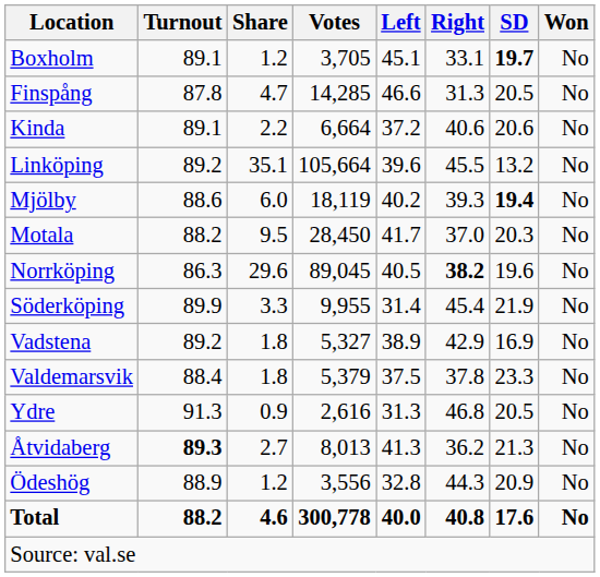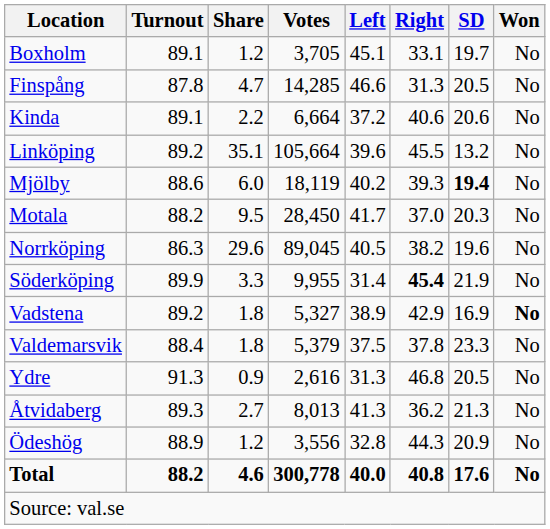 <table class="wikitable sortable" style=text-align:right>
 <tr>
 <th>Location</th>
 <th>Turnout</th>
 <th>Share</th>
 <th>Votes</th>
 <th><a href='#'>Left</a></th>
 <th><a href='#'>Right</a></th>
 <th><a href='#'>SD</a></th>
 <th>Won</th>
 </tr>
 <tr>
 <td align=left><a href='#'>Boxholm</a></td>
 <td>89.1</td>
 <td>1.2</td>
 <td>3,705</td>
 <td>45.1</td>
 <td>33.1</td>
-<td><strong>19.7</strong></td>
+<td>19.7</td>
 <td>No</td>
 </tr>
 <tr>
 <td align=left><a href='#'>Finspång</a></td>
 <td>87.8</td>
 <td>4.7</td>
 <td>14,285</td>
 <td>46.6</td>
 <td>31.3</td>
 <td>20.5</td>
 <td>No</td>
 </tr>
 <tr>
 <td align=left><a href='#'>Kinda</a></td>
 <td>89.1</td>
 <td>2.2</td>
 <td>6,664</td>
 <td>37.2</td>
 <td>40.6</td>
 <td>20.6</td>
 <td>No</td>
 </tr>
 <tr>
 <td align=left><a href='#'>Linköping</a></td>
 <td>89.2</td>
 <td>35.1</td>
 <td>105,664</td>
 <td>39.6</td>
 <td>45.5</td>
 <td>13.2</td>
 <td>No</td>
 </tr>
 <tr>
 <td align=left><a href='#'>Mjölby</a></td>
 <td>88.6</td>
 <td>6.0</td>
 <td>18,119</td>
 <td>40.2</td>
 <td>39.3</td>
 <td><strong>19.4</strong></td>
 <td>No</td>
 </tr>
 <tr>
 <td align=left><a href='#'>Motala</a></td>
 <td>88.2</td>
 <td>9.5</td>
 <td>28,450</td>
 <td>41.7</td>
 <td>37.0</td>
 <td>20.3</td>
 <td>No</td>
 </tr>
 <tr>
 <td align=left><a href='#'>Norrköping</a></td>
 <td>86.3</td>
 <td>29.6</td>
 <td>89,045</td>
 <td>40.5</td>
-<td><strong>38.2</strong></td>
+<td>38.2</td>
 <td>19.6</td>
 <td>No</td>
 </tr>
 <tr>
 <td align=left><a href='#'>Söderköping</a></td>
 <td>89.9</td>
 <td>3.3</td>
 <td>9,955</td>
 <td>31.4</td>
-<td>45.4</td>
+<td><strong>45.4</strong></td>
 <td>21.9</td>
 <td>No</td>
 </tr>
 <tr>
 <td align=left><a href='#'>Vadstena</a></td>
 <td>89.2</td>
 <td>1.8</td>
 <td>5,327</td>
 <td>38.9</td>
 <td>42.9</td>
 <td>16.9</td>
-<td>No</td>
+<td><strong>No</strong></td>
 </tr>
 <tr>
 <td align=left><a href='#'>Valdemarsvik</a></td>
 <td>88.4</td>
 <td>1.8</td>
 <td>5,379</td>
 <td>37.5</td>
 <td>37.8</td>
 <td>23.3</td>
 <td>No</td>
 </tr>
 <tr>
 <td align=left><a href='#'>Ydre</a></td>
 <td>91.3</td>
 <td>0.9</td>
 <td>2,616</td>
 <td>31.3</td>
 <td>46.8</td>
 <td>20.5</td>
 <td>No</td>
 </tr>
 <tr>
 <td align=left><a href='#'>Åtvidaberg</a></td>
-<td><strong>89.3</strong></td>
+<td>89.3</td>
 <td>2.7</td>
 <td>8,013</td>
 <td>41.3</td>
 <td>36.2</td>
 <td>21.3</td>
 <td>No</td>
 </tr>
 <tr>
 <td align=left><a href='#'>Ödeshög</a></td>
 <td>88.9</td>
 <td>1.2</td>
 <td>3,556</td>
 <td>32.8</td>
 <td>44.3</td>
 <td>20.9</td>
 <td>No</td>
 </tr>
 <tr>
 <td align=left><strong>Total</strong></td>
 <td><strong>88.2</strong></td>
 <td><strong>4.6</strong></td>
 <td><strong>300,778</strong></td>
 <td><strong>40.0</strong></td>
 <td><strong>40.8</strong></td>
 <td><strong>17.6</strong></td>
 <td><strong>No</strong></td>
 </tr>
 <tr>
 <td align=left colspan=8>Source: val.se</td>
 </tr>
 </table>
